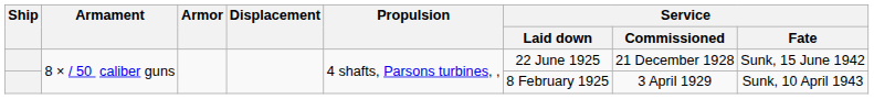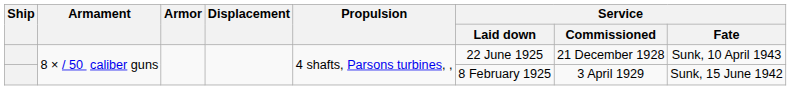 <table class="wikitable plainrowheaders" style="text-align: center;">
 <tr valign="top">
 <th scope="col" rowspan="2">Ship</th>
 <th scope="col" rowspan="2">Armament</th>
 <th scope="col" rowspan="2">Armor</th>
 <th scope="col" rowspan="2">Displacement</th>
 <th scope="col" rowspan="2">Propulsion</th>
 <th scope="col" colspan="3">Service</th>
 </tr>
 <tr valign="top">
 <th scope="col">Laid down</th>
 <th scope="col">Commissioned</th>
 <th scope="col">Fate</th>
 </tr>
 <tr valign="center">
 <th scope="row"></th>
 <td rowspan="2">8 × <a href='#'> / 50 </a> <a href='#'>caliber</a> guns</td>
 <td rowspan="2"></td>
 <td rowspan="2"></td>
 <td rowspan="2">4 shafts, <a href='#'>Parsons turbines</a>, , </td>
 <td>22 June 1925</td>
 <td>21 December 1928</td>
-<td>Sunk, 15 June 1942</td>
+<td>Sunk, 10 April 1943</td>
 </tr>
 <tr valign="center">
 <th scope="row"></th>
 <td>8 February 1925</td>
 <td>3 April 1929</td>
-<td>Sunk, 10 April 1943</td>
+<td>Sunk, 15 June 1942</td>
 </tr>
 </table>
